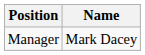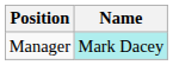 <table class=wikitable>
 <tr>
 <th>Position</th>
 <th>Name</th>
 </tr>
 <tr>
 <td>Manager</td>
-<td>Mark Dacey</td>
+<td style="background: paleturquoise;">Mark Dacey</td>
 </tr>
 </table>
